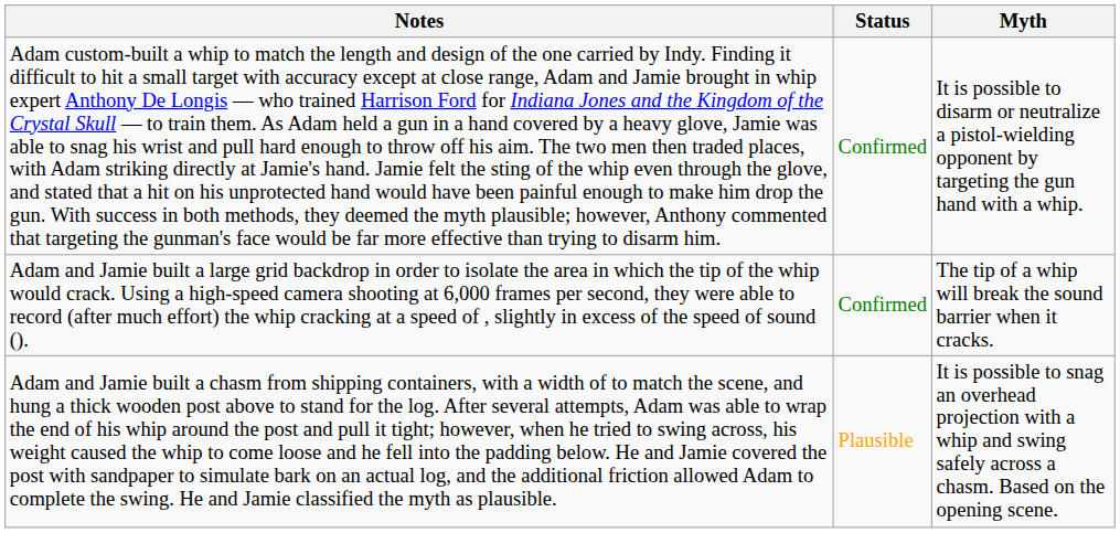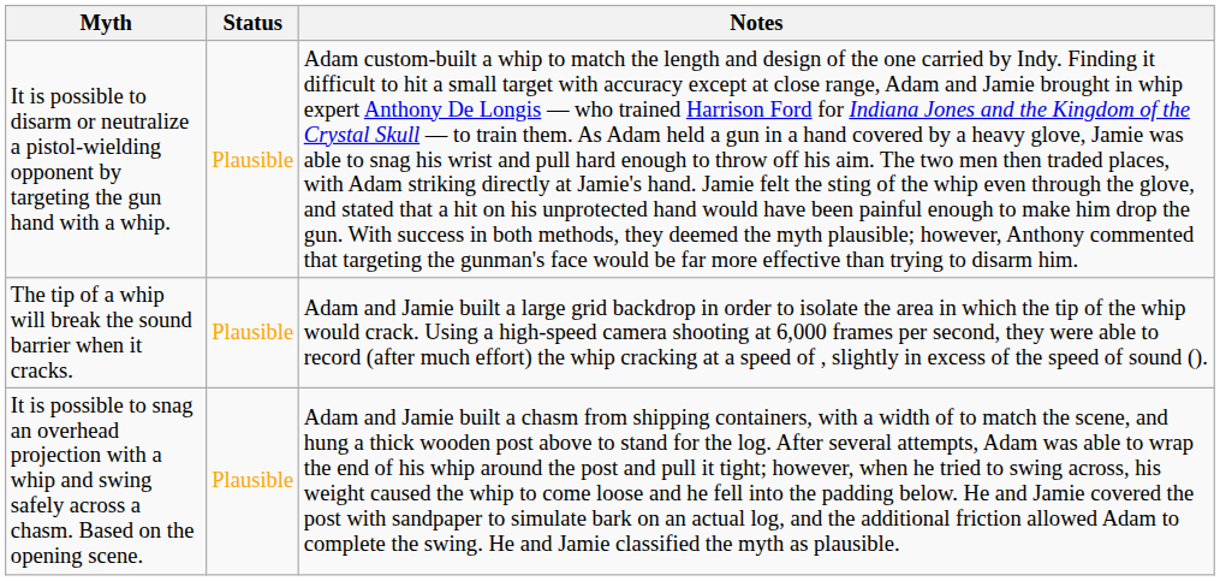 <table class="wikitable plainrowheaders">
 <tr>
+<th scope"col">Myth</th>
+<th scope"col">Status</th>
 <th scope"col">Notes</th>
-<th scope"col">Status</th>
-<th scope"col">Myth</th>
 </tr>
 <tr>
+<td scope"row">It is possible to disarm or neutralize a pistol-wielding opponent by targeting the gun hand with a whip.</td>
+<td style="color:orange">Plausible</td>
 <td>Adam custom-built a whip to match the length and design of the one carried by Indy. Finding it difficult to hit a small target with accuracy except at close range, Adam and Jamie brought in whip expert <a href='#'>Anthony De Longis</a> — who trained <a href='#'>Harrison Ford</a> for <em><a href='#'>Indiana Jones and the Kingdom of the Crystal Skull</a></em> — to train them. As Adam held a gun in a hand covered by a heavy glove, Jamie was able to snag his wrist and pull hard enough to throw off his aim. The two men then traded places, with Adam striking directly at Jamie's hand. Jamie felt the sting of the whip even through the glove, and stated that a hit on his unprotected hand would have been painful enough to make him drop the gun. With success in both methods, they deemed the myth plausible; however, Anthony commented that targeting the gunman's face would be far more effective than trying to disarm him.</td>
-<td style="color:green">Confirmed</td>
-<td scope"row">It is possible to disarm or neutralize a pistol-wielding opponent by targeting the gun hand with a whip.</td>
 </tr>
 <tr>
+<td scope"row">The tip of a whip will break the sound barrier when it cracks.</td>
+<td style="color:orange">Plausible</td>
 <td>Adam and Jamie built a large grid backdrop in order to isolate the area in which the tip of the whip would crack. Using a high-speed camera shooting at 6,000 frames per second, they were able to record (after much effort) the whip cracking at a speed of , slightly in excess of the speed of sound ().</td>
-<td style="color:green">Confirmed</td>
-<td scope"row">The tip of a whip will break the sound barrier when it cracks.</td>
 </tr>
 <tr>
+<td scope"row">It is possible to snag an overhead projection with a whip and swing safely across a chasm. Based on the opening scene.</td>
+<td style="color:orange">Plausible</td>
 <td>Adam and Jamie built a chasm from shipping containers, with a width of  to match the scene, and hung a thick wooden post  above to stand for the log. After several attempts, Adam was able to wrap the end of his whip around the post and pull it tight; however, when he tried to swing across, his weight caused the whip to come loose and he fell into the padding below. He and Jamie covered the post with sandpaper to simulate bark on an actual log, and the additional friction allowed Adam to complete the swing. He and Jamie classified the myth as plausible.</td>
-<td style="color:orange">Plausible</td>
-<td scope"row">It is possible to snag an overhead projection with a whip and swing safely across a chasm. Based on the opening scene.</td>
 </tr>
 </table>
